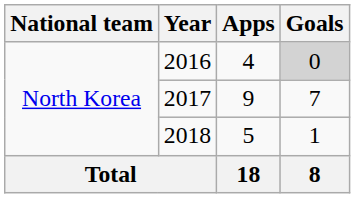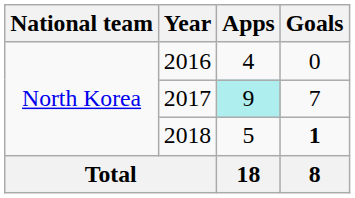 <table class="wikitable" style="text-align:center">
 <tr>
 <th>National team</th>
 <th>Year</th>
 <th>Apps</th>
 <th>Goals</th>
 </tr>
 <tr>
 <td rowspan="3"><a href='#'>North Korea</a></td>
 <td>2016</td>
 <td>4</td>
-<td style="background: lightgrey;">0</td>
+<td>0</td>
 </tr>
 <tr>
 <td>2017</td>
-<td>9</td>
+<td style="background: paleturquoise;">9</td>
 <td>7</td>
 </tr>
 <tr>
 <td>2018</td>
 <td>5</td>
-<td>1</td>
+<td><strong>1</strong></td>
 </tr>
 <tr>
 <th colspan=2>Total</th>
 <th>18</th>
 <th>8</th>
 </tr>
 </table>
